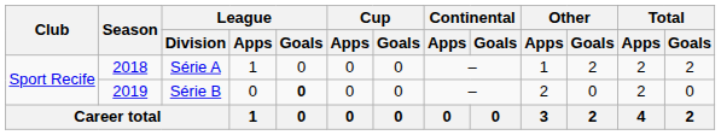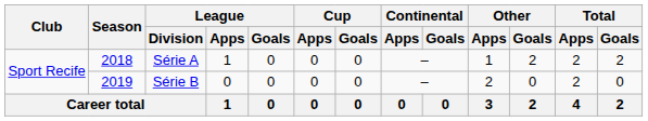 <table class="wikitable" style="text-align: center">
 <tr>
 <th rowspan="2">Club</th>
 <th rowspan="2">Season</th>
 <th colspan="3">League</th>
 <th colspan="2">Cup</th>
 <th colspan="2">Continental</th>
 <th colspan="2">Other</th>
 <th colspan="2">Total</th>
 </tr>
 <tr>
 <th>Division</th>
 <th>Apps</th>
 <th>Goals</th>
 <th>Apps</th>
 <th>Goals</th>
 <th>Apps</th>
 <th>Goals</th>
 <th>Apps</th>
 <th>Goals</th>
 <th>Apps</th>
 <th>Goals</th>
 </tr>
 <tr>
 <td rowspan="2"><a href='#'>Sport Recife</a></td>
 <td><a href='#'>2018</a></td>
 <td><a href='#'>Série A</a></td>
 <td>1</td>
 <td>0</td>
 <td>0</td>
 <td>0</td>
 <td colspan="2">–</td>
 <td>1</td>
 <td>2</td>
 <td>2</td>
 <td>2</td>
 </tr>
 <tr>
 <td><a href='#'>2019</a></td>
 <td><a href='#'>Série B</a></td>
 <td>0</td>
-<td><strong>0</strong></td>
+<td>0</td>
 <td>0</td>
 <td>0</td>
 <td colspan="2">–</td>
 <td>2</td>
 <td>0</td>
 <td>2</td>
 <td>0</td>
 </tr>
 <tr>
 <th colspan="3"><strong>Career total</strong></th>
 <th>1</th>
 <th>0</th>
 <th>0</th>
 <th>0</th>
 <th>0</th>
 <th>0</th>
 <th>3</th>
 <th>2</th>
 <th>4</th>
 <th>2</th>
 </tr>
 </table>
